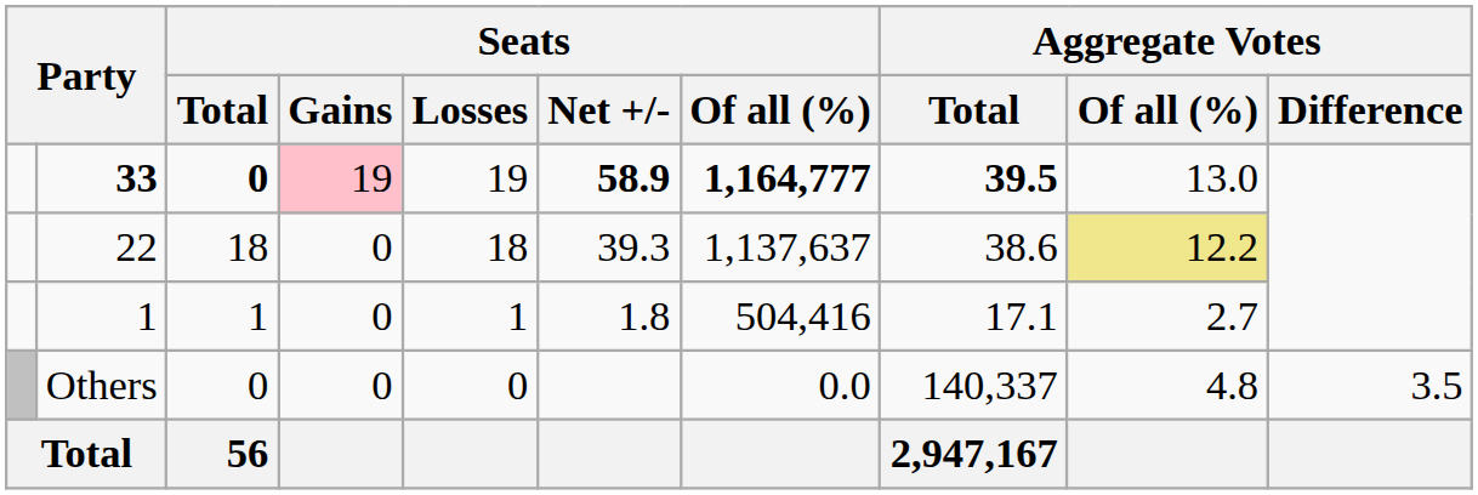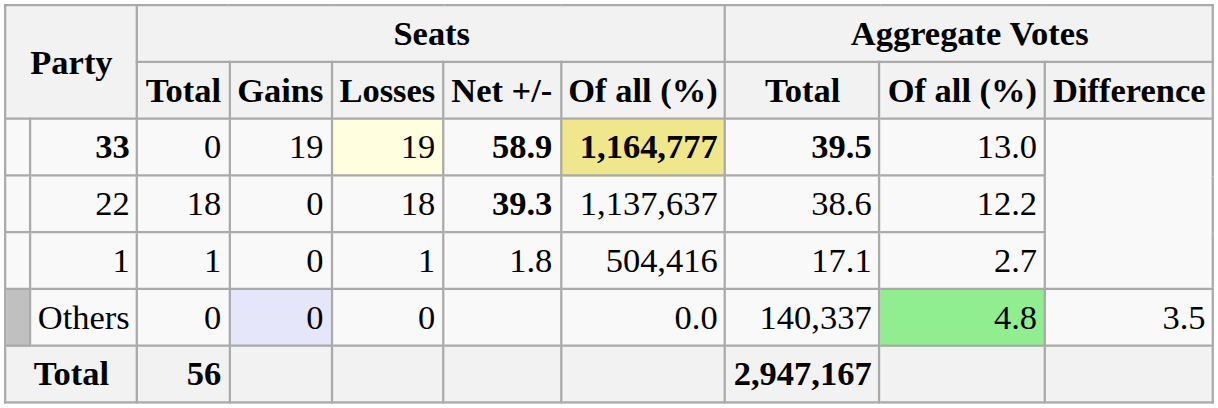 <table class="wikitable sortable" style="text-align:right; font-size:95%;">
 <tr>
 <th colspan="2" rowspan="2">Party</th>
 <th colspan="5">Seats</th>
 <th colspan="3">Aggregate Votes</th>
 </tr>
 <tr>
 <th>Total</th>
 <th>Gains</th>
 <th>Losses</th>
 <th>Net +/-</th>
 <th>Of all (%)</th>
 <th>Total</th>
 <th>Of all (%)</th>
 <th>Difference</th>
 </tr>
 <tr>
 <td></td>
 <td><strong>33</strong></td>
-<td><strong>0</strong></td>
-<td style="background: pink;">19</td>
+<td>0</td>
 <td>19</td>
+<td style="background: lightyellow;">19</td>
 <td><strong>58.9</strong></td>
-<td><strong>1,164,777</strong></td>
+<td style="background: khaki;"><strong>1,164,777</strong></td>
 <td><strong>39.5</strong></td>
 <td>13.0</td>
 </tr>
 <tr>
 <td></td>
 <td>22</td>
 <td>18</td>
 <td>0</td>
 <td>18</td>
-<td>39.3</td>
+<td><strong>39.3</strong></td>
 <td>1,137,637</td>
 <td>38.6</td>
-<td style="background: khaki;">12.2</td>
+<td>12.2</td>
 </tr>
 <tr>
 <td></td>
 <td>1</td>
 <td>1</td>
 <td>0</td>
 <td>1</td>
 <td>1.8</td>
 <td>504,416</td>
 <td>17.1</td>
 <td>2.7</td>
 </tr>
 <tr>
 <td style="background:silver;"> </td>
 <td align=left>Others</td>
 <td>0</td>
-<td>0</td>
+<td style="background: lavender;">0</td>
 <td>0</td>
 <td></td>
 <td>0.0</td>
 <td>140,337</td>
-<td>4.8</td>
+<td style="background: lightgreen;">4.8</td>
 <td>3.5</td>
 </tr>
 <tr class="sortbottom">
 <th colspan="2" style="background:#f2f2f2"><strong>Total</strong></th>
 <td style="background:#f2f2f2;"><strong>56</strong></td>
 <td style="background:#f2f2f2;"></td>
 <td style="background:#f2f2f2;"></td>
 <td style="background:#f2f2f2;"></td>
 <td style="background:#f2f2f2;"></td>
 <td style="background:#f2f2f2;"><strong>2,947,167</strong></td>
 <td style="background:#f2f2f2;"></td>
 <td style="background:#f2f2f2;"></td>
 </tr>
 </table>
